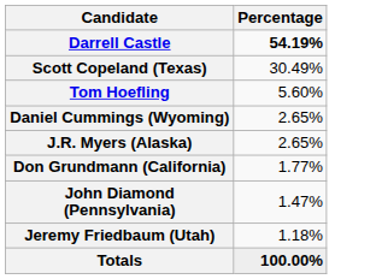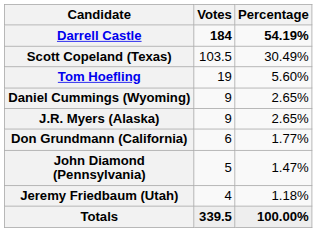 <table class="wikitable plainrowheaders" style="text-align:right;" border="1">
 <tr>
 <th scope="col" style="width:14em;">Candidate</th>
+<th scope="col">Votes</th>
 <th scope="col">Percentage</th>
 </tr>
 <tr>
 <th scope="row"><a href='#'>Darrell Castle</a></th>
+<td><strong>184</strong></td>
 <td><strong>54.19%</strong></td>
 </tr>
 <tr>
 <th scope="row">Scott Copeland (Texas)</th>
+<td>103.5</td>
 <td>30.49%</td>
 </tr>
 <tr>
 <th scope="row"><a href='#'>Tom Hoefling</a></th>
+<td>19</td>
 <td>5.60%</td>
 </tr>
 <tr>
 <th scope="row">Daniel Cummings (Wyoming)</th>
+<td>9</td>
 <td>2.65%</td>
 </tr>
 <tr>
 <th scope="row">J.R. Myers (Alaska)</th>
+<td>9</td>
 <td>2.65%</td>
 </tr>
 <tr>
 <th scope="row">Don Grundmann (California)</th>
+<td>6</td>
 <td>1.77%</td>
 </tr>
 <tr>
 <th scope="row">John Diamond (Pennsylvania)</th>
+<td>5</td>
 <td>1.47%</td>
 </tr>
 <tr>
 <th scope="row">Jeremy Friedbaum (Utah)</th>
+<td>4</td>
 <td>1.18%</td>
 </tr>
 <tr style="background:#eee;">
 <th scope="row"><strong>Totals</strong></th>
+<td><strong>339.5</strong></td>
 <td><strong>100.00%</strong></td>
 </tr>
 </table>
